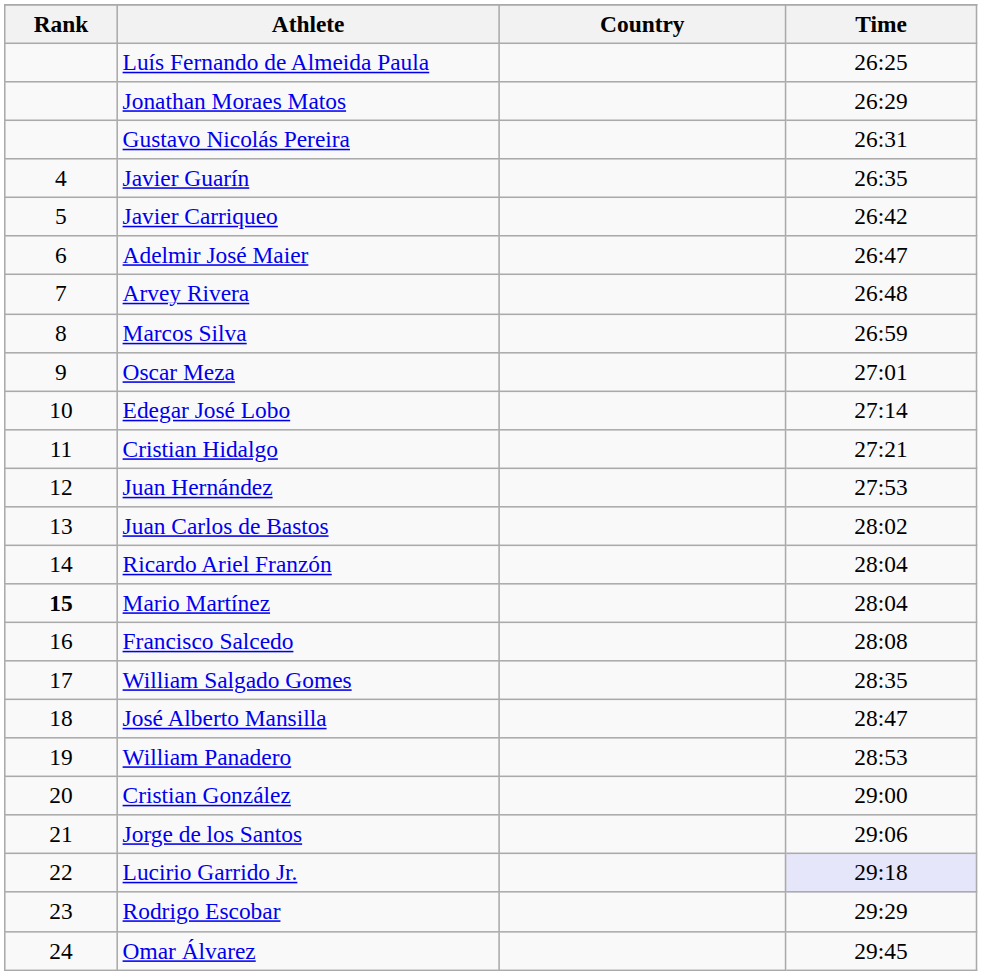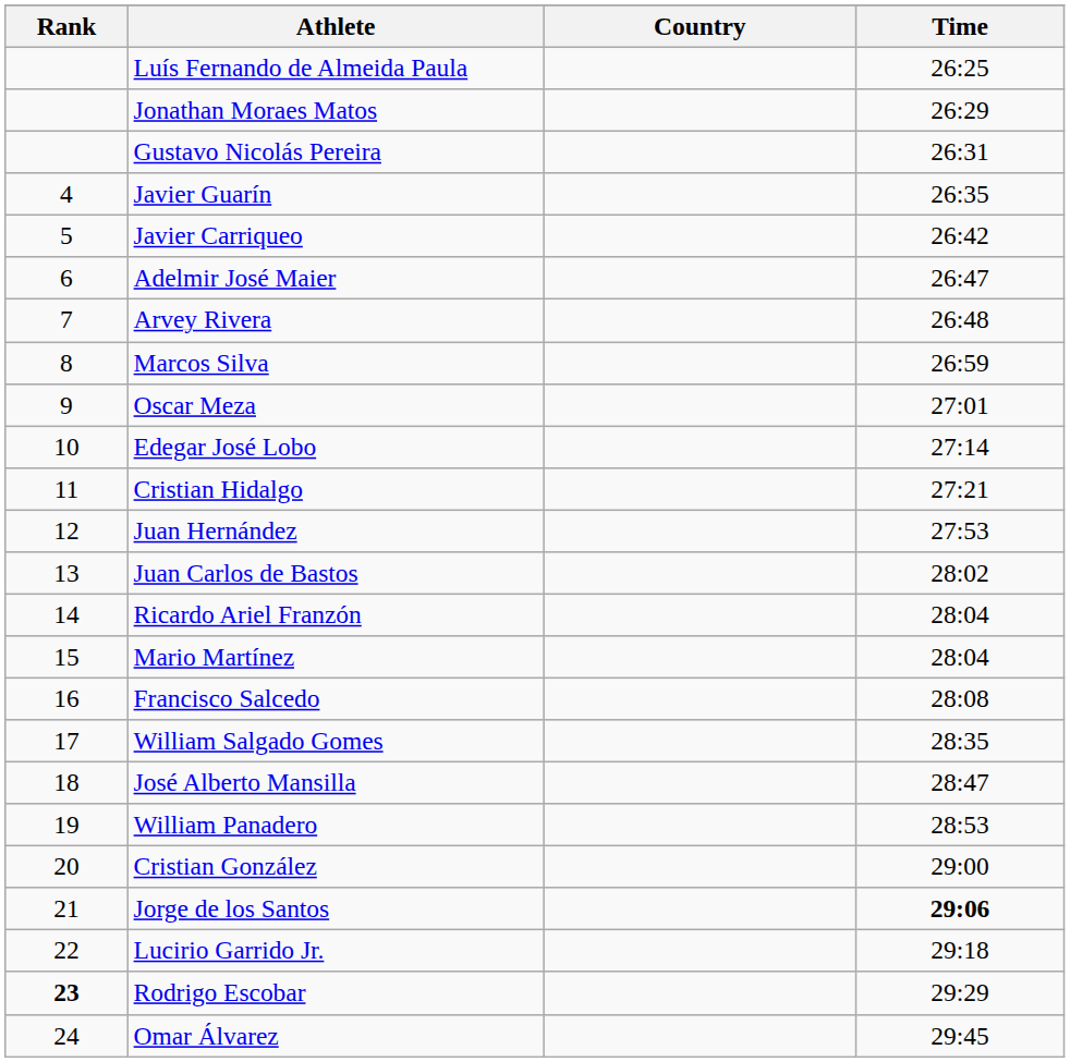 <table class="wikitable sortable" style=" text-align:center; font-size:95%;" width="50%">
 <tr>
 </tr>
 <tr>
 <th width=5%>Rank</th>
 <th width=20%>Athlete</th>
 <th width=15%>Country</th>
 <th width=10%>Time</th>
 </tr>
 <tr>
 <td align=center></td>
 <td align=left><a href='#'>Luís Fernando de Almeida Paula</a></td>
 <td align=left></td>
 <td>26:25</td>
 </tr>
 <tr>
 <td align=center></td>
 <td align=left><a href='#'>Jonathan Moraes Matos</a></td>
 <td align=left></td>
 <td>26:29</td>
 </tr>
 <tr>
 <td align=center></td>
 <td align=left><a href='#'>Gustavo Nicolás Pereira</a></td>
 <td align=left></td>
 <td>26:31</td>
 </tr>
 <tr>
 <td align=center>4</td>
 <td align=left><a href='#'>Javier Guarín</a></td>
 <td align=left></td>
 <td>26:35</td>
 </tr>
 <tr>
 <td align=center>5</td>
 <td align=left><a href='#'>Javier Carriqueo</a></td>
 <td align=left></td>
 <td>26:42</td>
 </tr>
 <tr>
 <td align=center>6</td>
 <td align=left><a href='#'>Adelmir José Maier</a></td>
 <td align=left></td>
 <td>26:47</td>
 </tr>
 <tr>
 <td align=center>7</td>
 <td align=left><a href='#'>Arvey Rivera</a></td>
 <td align=left></td>
 <td>26:48</td>
 </tr>
 <tr>
 <td align=center>8</td>
 <td align=left><a href='#'>Marcos Silva</a></td>
 <td align=left></td>
 <td>26:59</td>
 </tr>
 <tr>
 <td align=center>9</td>
 <td align=left><a href='#'>Oscar Meza</a></td>
 <td align=left></td>
 <td>27:01</td>
 </tr>
 <tr>
 <td align=center>10</td>
 <td align=left><a href='#'>Edegar José Lobo</a></td>
 <td align=left></td>
 <td>27:14</td>
 </tr>
 <tr>
 <td align=center>11</td>
 <td align=left><a href='#'>Cristian Hidalgo</a></td>
 <td align=left></td>
 <td>27:21</td>
 </tr>
 <tr>
 <td align=center>12</td>
 <td align=left><a href='#'>Juan Hernández</a></td>
 <td align=left></td>
 <td>27:53</td>
 </tr>
 <tr>
 <td align=center>13</td>
 <td align=left><a href='#'>Juan Carlos de Bastos</a></td>
 <td align=left></td>
 <td>28:02</td>
 </tr>
 <tr>
 <td align=center>14</td>
 <td align=left><a href='#'>Ricardo Ariel Franzón</a></td>
 <td align=left></td>
 <td>28:04</td>
 </tr>
 <tr>
-<td align=center><strong>15</strong></td>
+<td align=center>15</td>
 <td align=left><a href='#'>Mario Martínez</a></td>
 <td align=left></td>
 <td>28:04</td>
 </tr>
 <tr>
 <td align=center>16</td>
 <td align=left><a href='#'>Francisco Salcedo</a></td>
 <td align=left></td>
 <td>28:08</td>
 </tr>
 <tr>
 <td align=center>17</td>
 <td align=left><a href='#'>William Salgado Gomes</a></td>
 <td align=left></td>
 <td>28:35</td>
 </tr>
 <tr>
 <td align=center>18</td>
 <td align=left><a href='#'>José Alberto Mansilla</a></td>
 <td align=left></td>
 <td>28:47</td>
 </tr>
 <tr>
 <td align=center>19</td>
 <td align=left><a href='#'>William Panadero</a></td>
 <td align=left></td>
 <td>28:53</td>
 </tr>
 <tr>
 <td align=center>20</td>
 <td align=left><a href='#'>Cristian González</a></td>
 <td align=left></td>
 <td>29:00</td>
 </tr>
 <tr>
 <td align=center>21</td>
 <td align=left><a href='#'>Jorge de los Santos</a></td>
 <td align=left></td>
-<td>29:06</td>
+<td><strong>29:06</strong></td>
 </tr>
 <tr>
 <td align=center>22</td>
 <td align=left><a href='#'>Lucirio Garrido Jr.</a></td>
 <td align=left></td>
-<td style="background: lavender;">29:18</td>
+<td>29:18</td>
 </tr>
 <tr>
-<td align=center>23</td>
+<td align=center><strong>23</strong></td>
 <td align=left><a href='#'>Rodrigo Escobar</a></td>
 <td align=left></td>
 <td>29:29</td>
 </tr>
 <tr>
 <td align=center>24</td>
 <td align=left><a href='#'>Omar Álvarez</a></td>
 <td align=left></td>
 <td>29:45</td>
 </tr>
 </table>
